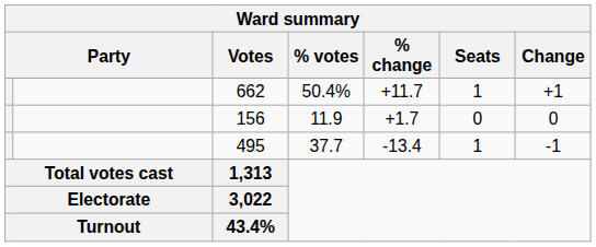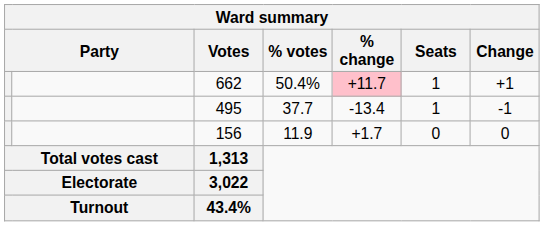 <table class="wikitable" style="font-size: 95%;">
 <tr>
 <th colspan="7">Ward summary</th>
 </tr>
 <tr>
 <th colspan="2">Party</th>
 <th style="width: 60px">Votes</th>
 <th style="width: 60px">% votes</th>
 <th style="width: 60px">% change</th>
 <th style="width: 60px">Seats</th>
 <th style="width: 60px">Change</th>
 </tr>
 <tr>
 <th style="background-color: "></th>
 <td style="width: 170px"><a href='#'></a></td>
 <td align="center">662</td>
 <td align="center">50.4%</td>
-<td align="center">+11.7</td>
+<td align="center" style="background: pink;">+11.7</td>
 <td align="center">1</td>
 <td align="center">+1</td>
+</tr>
+<tr>
+<th style="background-color: "></th>
+<td style="width: 170px"><a href='#'></a></td>
+<td align="center">495</td>
+<td align="center">37.7</td>
+<td align="center">-13.4</td>
+<td align="center">1</td>
+<td align="center">-1</td>
 </tr>
 <tr>
 <th style="background-color: "></th>
 <td style="width: 170px"><a href='#'></a></td>
 <td align="center">156</td>
 <td align="center">11.9</td>
 <td align="center">+1.7</td>
 <td align="center">0</td>
 <td align="center">0</td>
-</tr>
-<tr>
-<th style="background-color: "></th>
-<td style="width: 170px"><a href='#'></a></td>
-<td align="center">495</td>
-<td align="center">37.7</td>
-<td align="center">-13.4</td>
-<td align="center">1</td>
-<td align="center">-1</td>
 </tr>
 <tr style="background-color:#E9E9E9">
 <th colspan="2">Total votes cast</th>
 <th style="width: 60px">1,313</th>
 </tr>
 <tr style="background-color:#E9E9E9">
 <th colspan="2">Electorate</th>
 <th style="width: 60px">3,022</th>
 </tr>
 <tr style="background-color:#E9E9E9">
 <th colspan="2">Turnout</th>
 <th style="width: 60px">43.4%</th>
 </tr>
 </table>
